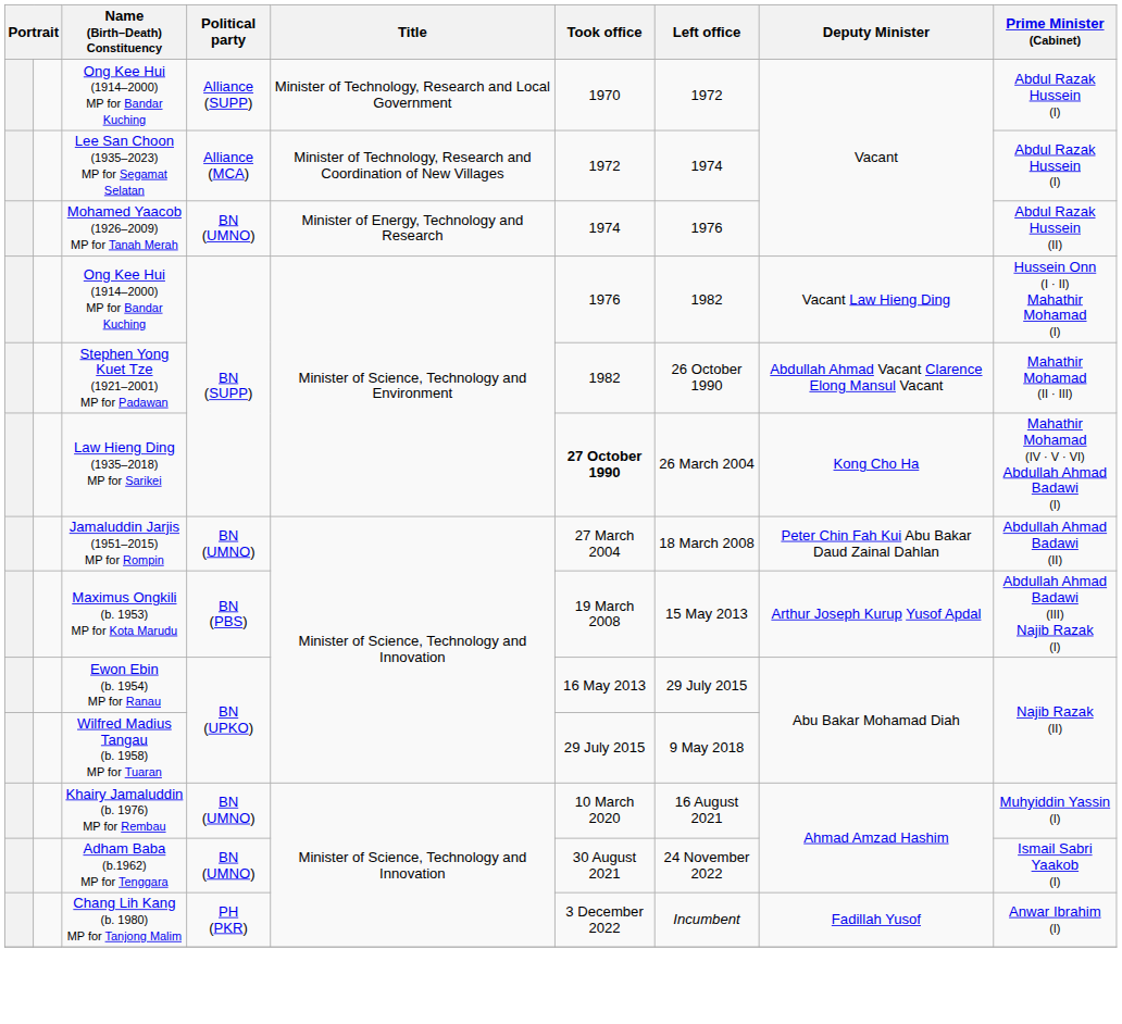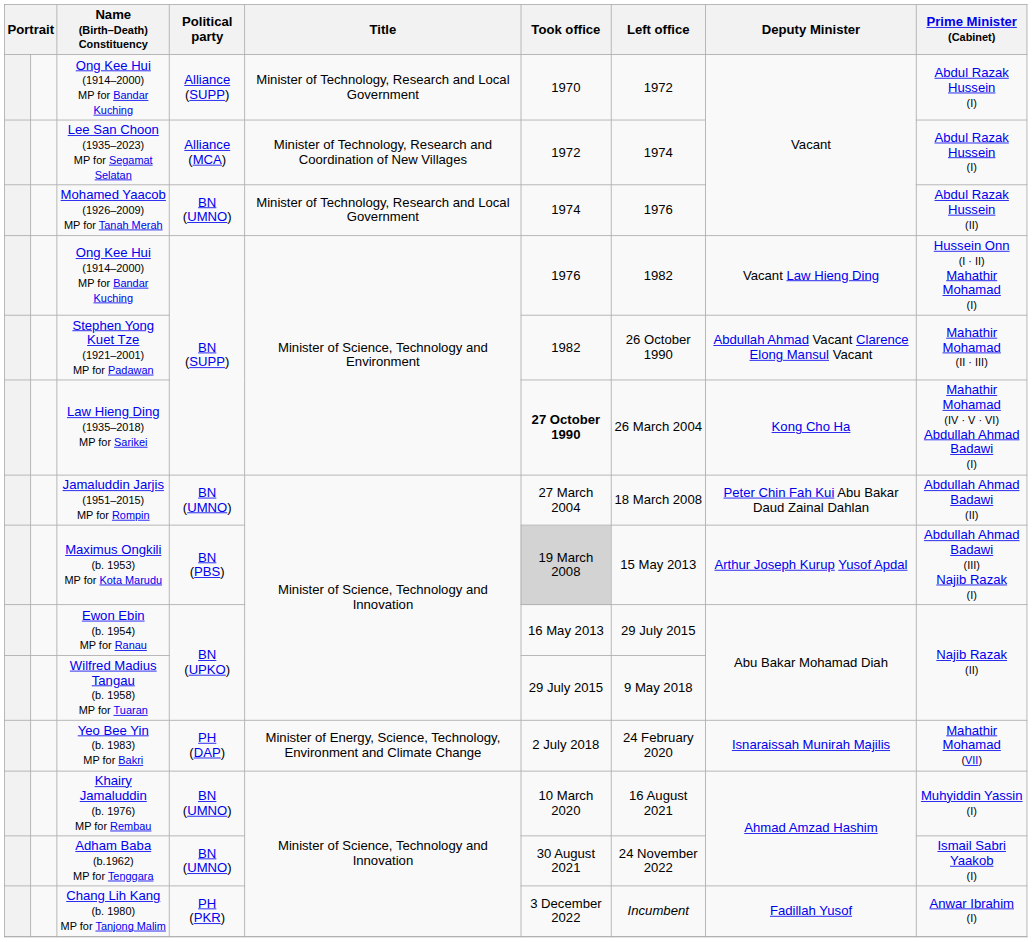 <table class="wikitable" style="text-align:center;">
 <tr>
 <th colspan=2>Portrait</th>
 <th>Name<br><small>(Birth–Death)<br>Constituency</small></th>
 <th>Political party</th>
 <th>Title</th>
 <th>Took office</th>
 <th>Left office</th>
 <th>Deputy Minister</th>
 <th><a href='#'>Prime Minister</a><br><small>(Cabinet)</small></th>
 </tr>
 <tr>
 <th style="background:"></th>
 <td></td>
 <td><a href='#'>Ong Kee Hui</a><br><small>(1914–2000)<br>MP for <a href='#'>Bandar Kuching</a></small></td>
 <td><a href='#'>Alliance</a><br>(<a href='#'>SUPP</a>)</td>
 <td>Minister of Technology, Research and Local Government</td>
 <td>1970</td>
 <td>1972</td>
 <td rowspan="3">Vacant</td>
 <td><a href='#'>Abdul Razak Hussein</a><br><small>(I)</small></td>
 </tr>
 <tr>
 <th style="background:"></th>
 <td></td>
 <td><a href='#'>Lee San Choon</a><br><small>(1935–2023)<br>MP for <a href='#'>Segamat Selatan</a></small></td>
 <td><a href='#'>Alliance</a><br>(<a href='#'>MCA</a>)</td>
 <td>Minister of Technology, Research and Coordination of New Villages</td>
 <td>1972</td>
 <td>1974</td>
 <td><a href='#'>Abdul Razak Hussein</a><br><small>(I)</small></td>
 </tr>
 <tr>
 <th style="background:"></th>
 <td></td>
 <td><a href='#'>Mohamed Yaacob</a><br><small>(1926–2009)<br>MP for <a href='#'>Tanah Merah</a></small></td>
 <td><a href='#'>BN</a><br>(<a href='#'>UMNO</a>)</td>
-<td>Minister of Energy, Technology and Research</td>
+<td>Minister of Technology, Research and Local Government</td>
 <td>1974</td>
 <td>1976</td>
 <td><a href='#'>Abdul Razak Hussein</a><br><small>(II)</small></td>
 </tr>
 <tr>
 <th style="background:"></th>
 <td></td>
 <td><a href='#'>Ong Kee Hui</a><br><small>(1914–2000)<br>MP for <a href='#'>Bandar Kuching</a></small></td>
 <td rowspan=3><a href='#'>BN</a><br>(<a href='#'>SUPP</a>)</td>
 <td rowspan=3>Minister of Science, Technology and Environment</td>
 <td>1976</td>
 <td>1982</td>
 <td>Vacant   <a href='#'>Law Hieng Ding</a> </td>
 <td><a href='#'>Hussein Onn</a><br><small>(I · II)</small><br><a href='#'>Mahathir Mohamad</a><br><small>(I)</small></td>
 </tr>
 <tr>
 <th style="background:"></th>
 <td></td>
 <td><a href='#'>Stephen Yong Kuet Tze</a><br><small>(1921–2001)<br>MP for <a href='#'>Padawan</a></small></td>
 <td>1982</td>
 <td>26 October 1990</td>
 <td><a href='#'>Abdullah Ahmad</a>  Vacant  <a href='#'>Clarence Elong Mansul</a>  Vacant </td>
 <td><a href='#'>Mahathir Mohamad</a><br><small>(II · III)</small></td>
 </tr>
 <tr>
 <th style="background:"></th>
 <td></td>
 <td><a href='#'>Law Hieng Ding</a><br><small>(1935–2018)<br>MP for <a href='#'>Sarikei</a></small></td>
 <td><strong>27 October 1990</strong></td>
 <td>26 March 2004</td>
 <td><a href='#'>Kong Cho Ha</a></td>
 <td><a href='#'>Mahathir Mohamad</a><br><small>(IV · V · VI)</small><br><a href='#'>Abdullah Ahmad Badawi</a><br><small>(I)</small></td>
 </tr>
 <tr>
 <th style="background:"></th>
 <td></td>
 <td><a href='#'>Jamaluddin Jarjis</a><br><small>(1951–2015)<br>MP for <a href='#'>Rompin</a></small></td>
 <td><a href='#'>BN</a><br>(<a href='#'>UMNO</a>)</td>
 <td rowspan=4>Minister of Science, Technology and Innovation</td>
 <td>27 March 2004</td>
 <td>18 March 2008</td>
 <td><a href='#'>Peter Chin Fah Kui</a>   Abu Bakar Daud  Zainal Dahlan </td>
 <td><a href='#'>Abdullah Ahmad Badawi</a><br><small>(II)</small></td>
 </tr>
 <tr>
 <th style="background:"></th>
 <td></td>
 <td><a href='#'>Maximus Ongkili</a><br><small>(b. 1953)<br>MP for <a href='#'>Kota Marudu</a></small></td>
 <td><a href='#'>BN</a><br>(<a href='#'>PBS</a>)</td>
-<td>19 March 2008</td>
+<td style="background: lightgrey;">19 March 2008</td>
 <td>15 May 2013</td>
 <td><a href='#'>Arthur Joseph Kurup</a>    <a href='#'>Yusof Apdal</a> </td>
 <td><a href='#'>Abdullah Ahmad Badawi</a><br><small>(III)</small><br><a href='#'>Najib Razak</a><br><small>(I)</small></td>
 </tr>
 <tr>
 <th style="background:"></th>
 <td></td>
 <td><a href='#'>Ewon Ebin</a><br><small>(b. 1954)<br>MP for <a href='#'>Ranau</a></small></td>
 <td rowspan=2><a href='#'>BN</a><br>(<a href='#'>UPKO</a>)</td>
 <td>16 May 2013</td>
 <td>29 July 2015</td>
 <td rowspan="2">Abu Bakar Mohamad Diah</td>
 <td rowspan="2"><a href='#'>Najib Razak</a><br><small>(II)</small></td>
 </tr>
 <tr>
 <th style="background:"></th>
 <td></td>
 <td><a href='#'>Wilfred Madius Tangau</a><br><small>(b. 1958)<br>MP for <a href='#'>Tuaran</a></small></td>
 <td>29 July 2015</td>
 <td>9 May 2018</td>
+</tr>
+<tr>
+<th style="background:"></th>
+<td></td>
+<td><a href='#'>Yeo Bee Yin</a><br><small>(b. 1983)<br>MP for <a href='#'>Bakri</a></small></td>
+<td><a href='#'>PH</a><br>(<a href='#'>DAP</a>)</td>
+<td>Minister of Energy, Science, Technology, Environment and Climate Change</td>
+<td>2 July 2018</td>
+<td>24 February 2020</td>
+<td><a href='#'>Isnaraissah Munirah Majilis</a></td>
+<td><a href='#'>Mahathir Mohamad</a><br><small>(<a href='#'>VII</a>)</small></td>
 </tr>
 <tr>
 <th style="background:"></th>
 <td></td>
 <td><a href='#'>Khairy Jamaluddin</a><br><small>(b. 1976)<br>MP for <a href='#'>Rembau</a></small></td>
 <td><a href='#'>BN</a><br>(<a href='#'>UMNO</a>)</td>
 <td rowspan=3>Minister of Science, Technology and Innovation</td>
 <td>10 March 2020</td>
 <td>16 August 2021</td>
 <td rowspan="2"><a href='#'>Ahmad Amzad Hashim</a></td>
 <td><a href='#'>Muhyiddin Yassin</a><br><small>(I)</small></td>
 </tr>
 <tr>
 <th style="background:"></th>
 <td></td>
 <td><a href='#'>Adham Baba</a><br><small>(b.1962)<br>MP for <a href='#'>Tenggara</a></small></td>
 <td><a href='#'>BN</a><br>(<a href='#'>UMNO</a>)</td>
 <td>30 August 2021</td>
 <td>24 November 2022</td>
 <td><a href='#'>Ismail Sabri Yaakob</a><br><small>(I)</small></td>
 </tr>
 <tr>
 <th style="background:"></th>
 <td></td>
 <td><a href='#'>Chang Lih Kang</a><br><small>(b. 1980)<br>MP for <a href='#'>Tanjong Malim</a></small></td>
 <td><a href='#'>PH</a><br>(<a href='#'>PKR</a>)</td>
 <td>3 December 2022</td>
 <td><em>Incumbent</em></td>
 <td><a href='#'>Fadillah Yusof</a></td>
 <td><a href='#'>Anwar Ibrahim</a><br><small>(I)</small></td>
 </tr>
 <tr>
 </tr>
 </table>
